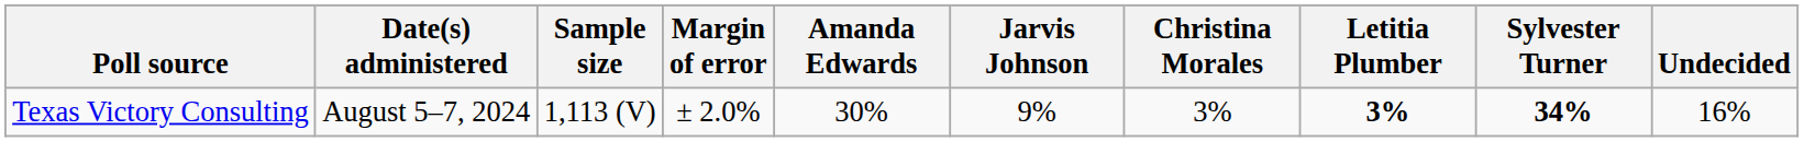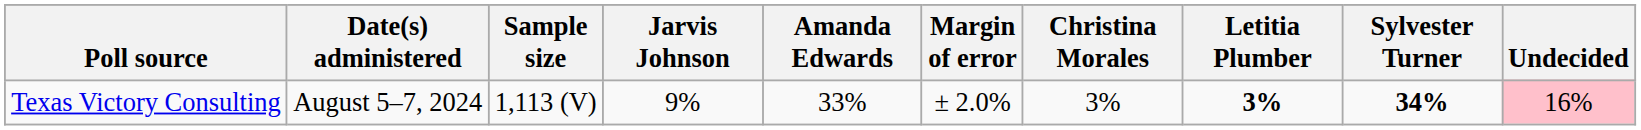 <table class="wikitable" style="font-size:90%;text-align:center;">
 <tr style="vertical-align:bottom">
 <th>Poll source</th>
 <th>Date(s)<br>administered</th>
 <th>Sample<br>size</th>
+<th style="width:80px;">Jarvis<br>Johnson</th>
+<th style="width:80px;">Amanda<br>Edwards</th>
 <th>Margin<br>of error</th>
-<th style="width:80px;">Amanda<br>Edwards</th>
-<th style="width:80px;">Jarvis<br>Johnson</th>
 <th style="width:80px;">Christina<br>Morales</th>
 <th style="width:80px;">Letitia<br>Plumber</th>
 <th style="width:80px;">Sylvester<br>Turner</th>
 <th>Undecided</th>
 </tr>
 <tr>
 <td style="text-align:left;"><a href='#'>Texas Victory Consulting</a></td>
 <td>August 5–7, 2024</td>
 <td>1,113 (V)</td>
+<td>9%</td>
+<td>33%</td>
 <td>± 2.0%</td>
-<td>30%</td>
-<td>9%</td>
 <td>3%</td>
 <td><strong>3%</strong></td>
 <td style="color:black;background-color:"><strong>34%</strong></td>
-<td>16%</td>
+<td style="background: pink;">16%</td>
 </tr>
 </table>
